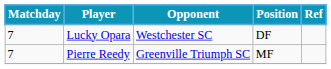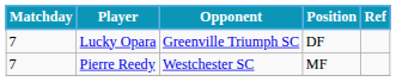 <table class=wikitable>
 <tr>
 <th style="background:#0B96B7; color:#FFFFFF; border:2px solid #5FAFE4;">Matchday</th>
 <th style="background:#0B96B7; color:#FFFFFF; border:2px solid #5FAFE4;">Player</th>
 <th style="background:#0B96B7; color:#FFFFFF; border:2px solid #5FAFE4;">Opponent</th>
 <th style="background:#0B96B7; color:#FFFFFF; border:2px solid #5FAFE4;">Position</th>
 <th style="background:#0B96B7; color:#FFFFFF; border:2px solid #5FAFE4;">Ref</th>
 </tr>
 <tr>
 <td>7</td>
 <td> <a href='#'>Lucky Opara</a></td>
-<td><a href='#'>Westchester SC</a></td>
+<td><a href='#'>Greenville Triumph SC</a></td>
 <td>DF</td>
 <td></td>
 </tr>
 <tr>
 <td>7</td>
 <td> <a href='#'>Pierre Reedy</a></td>
-<td><a href='#'>Greenville Triumph SC</a></td>
+<td><a href='#'>Westchester SC</a></td>
 <td>MF</td>
 <td></td>
 </tr>
 <tr>
 </tr>
 </table>
